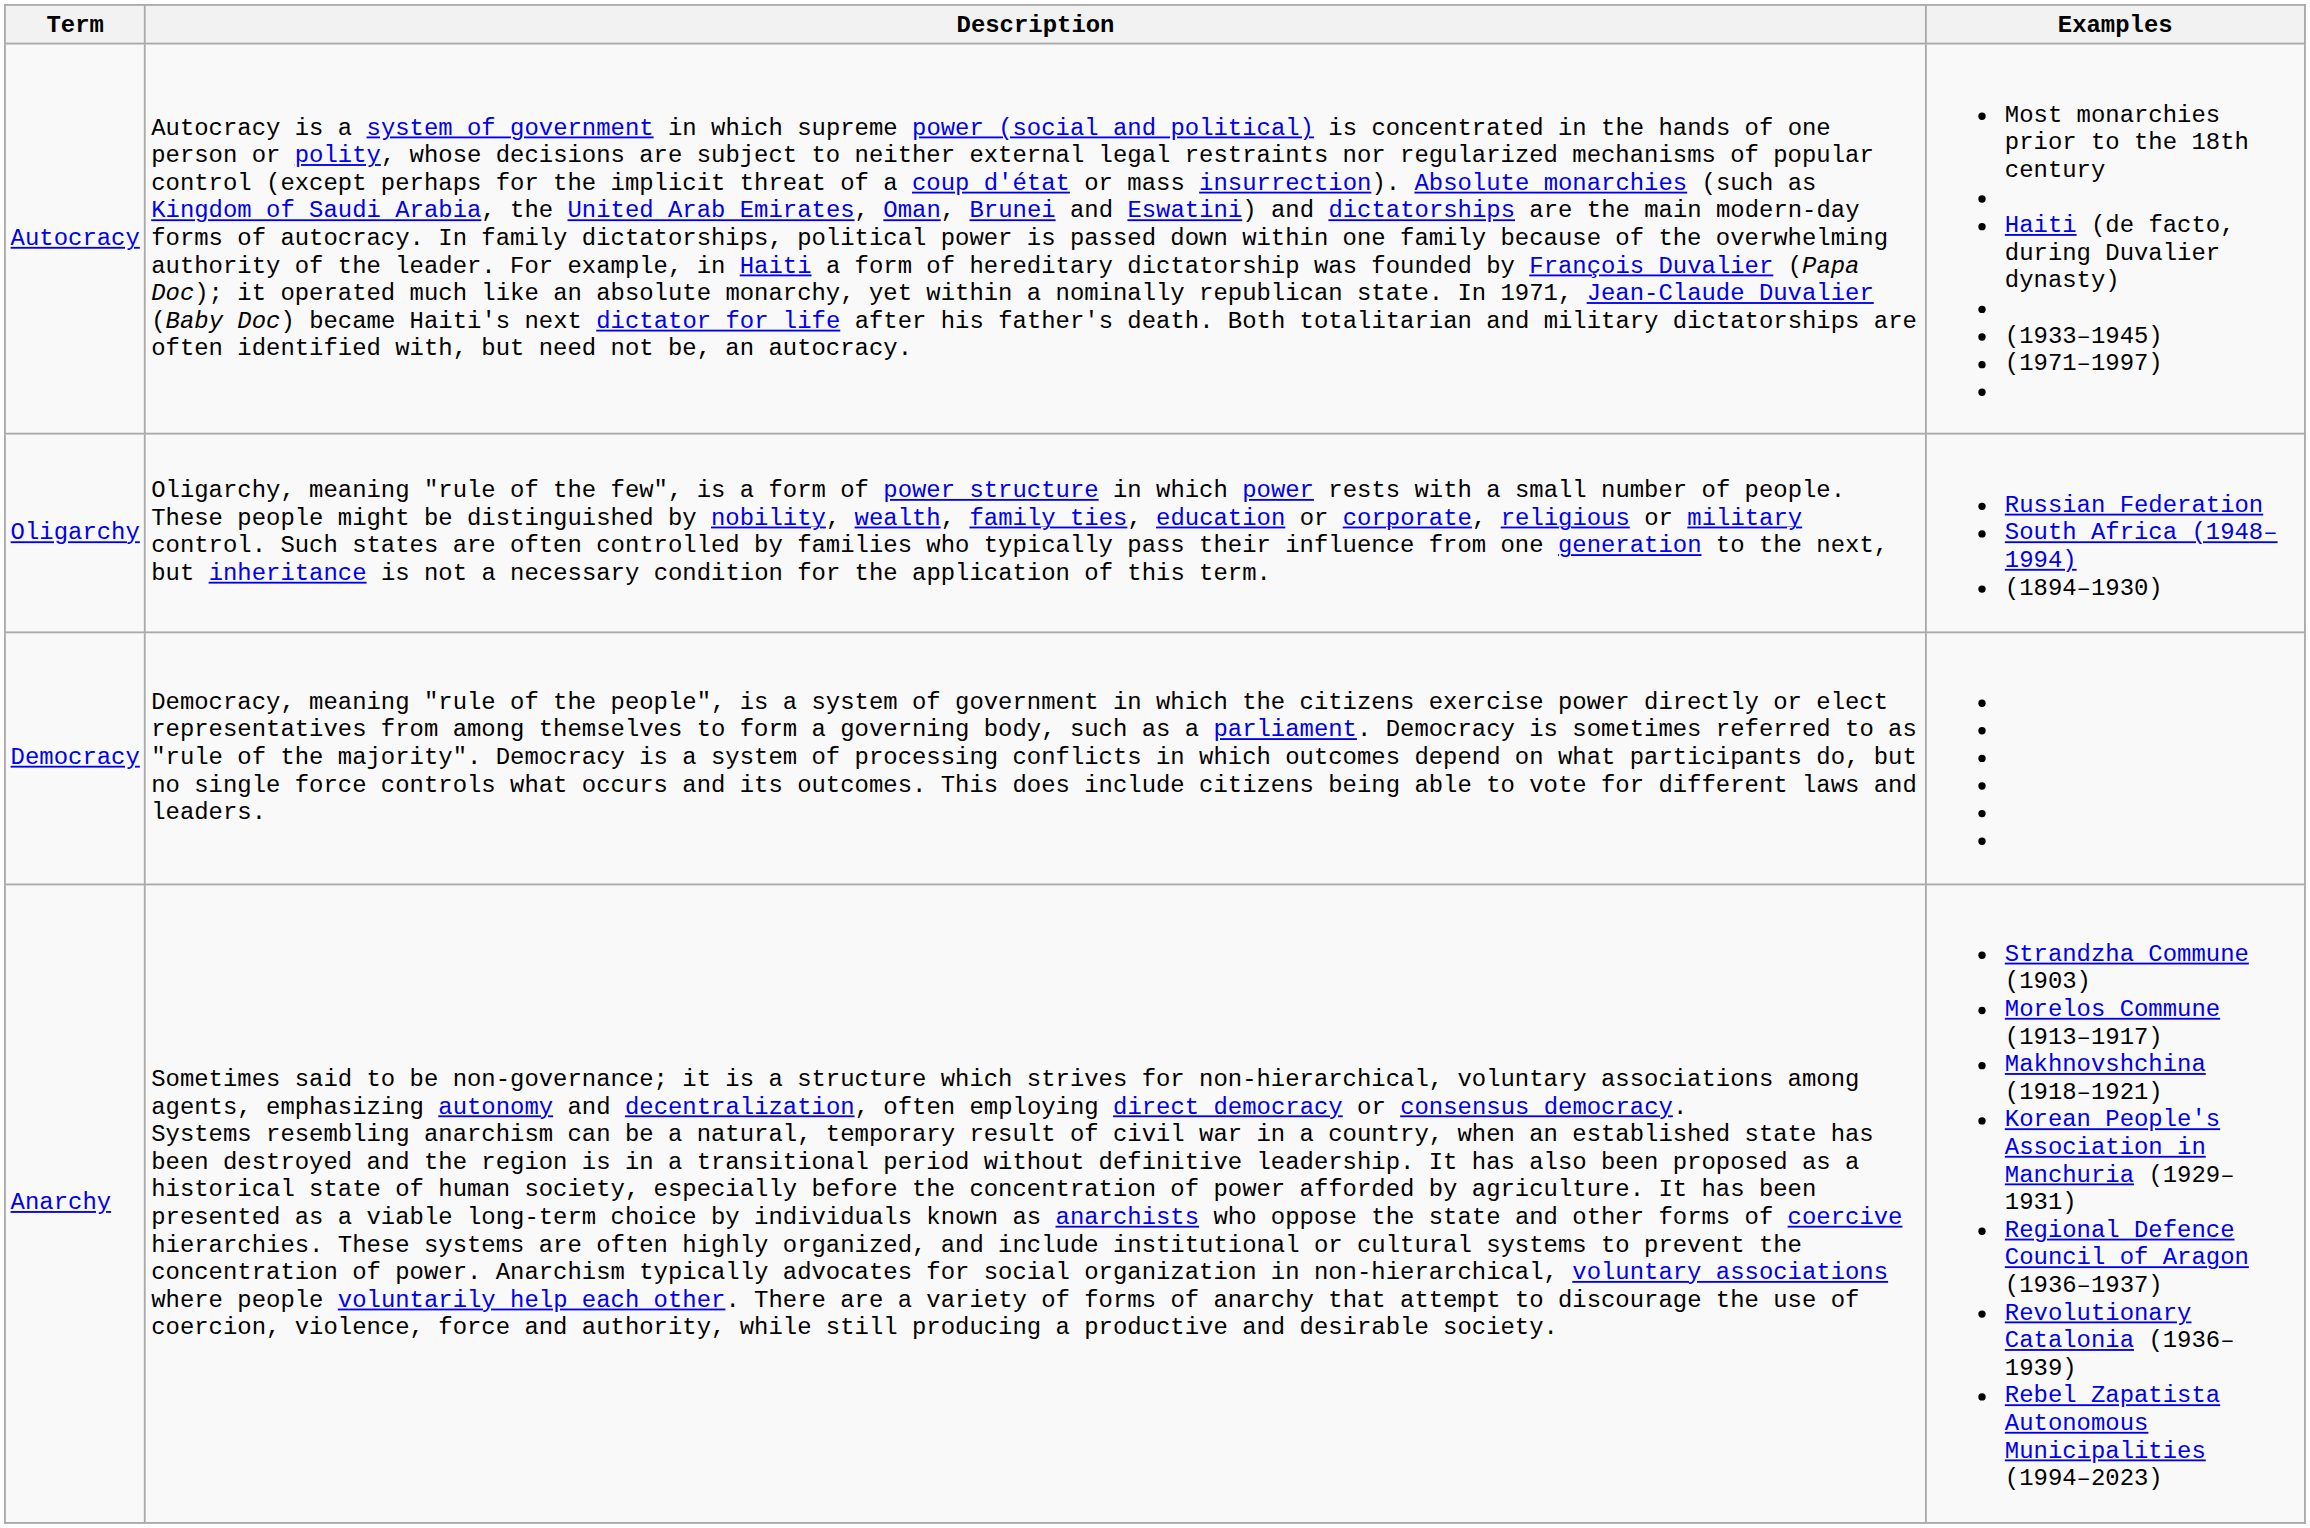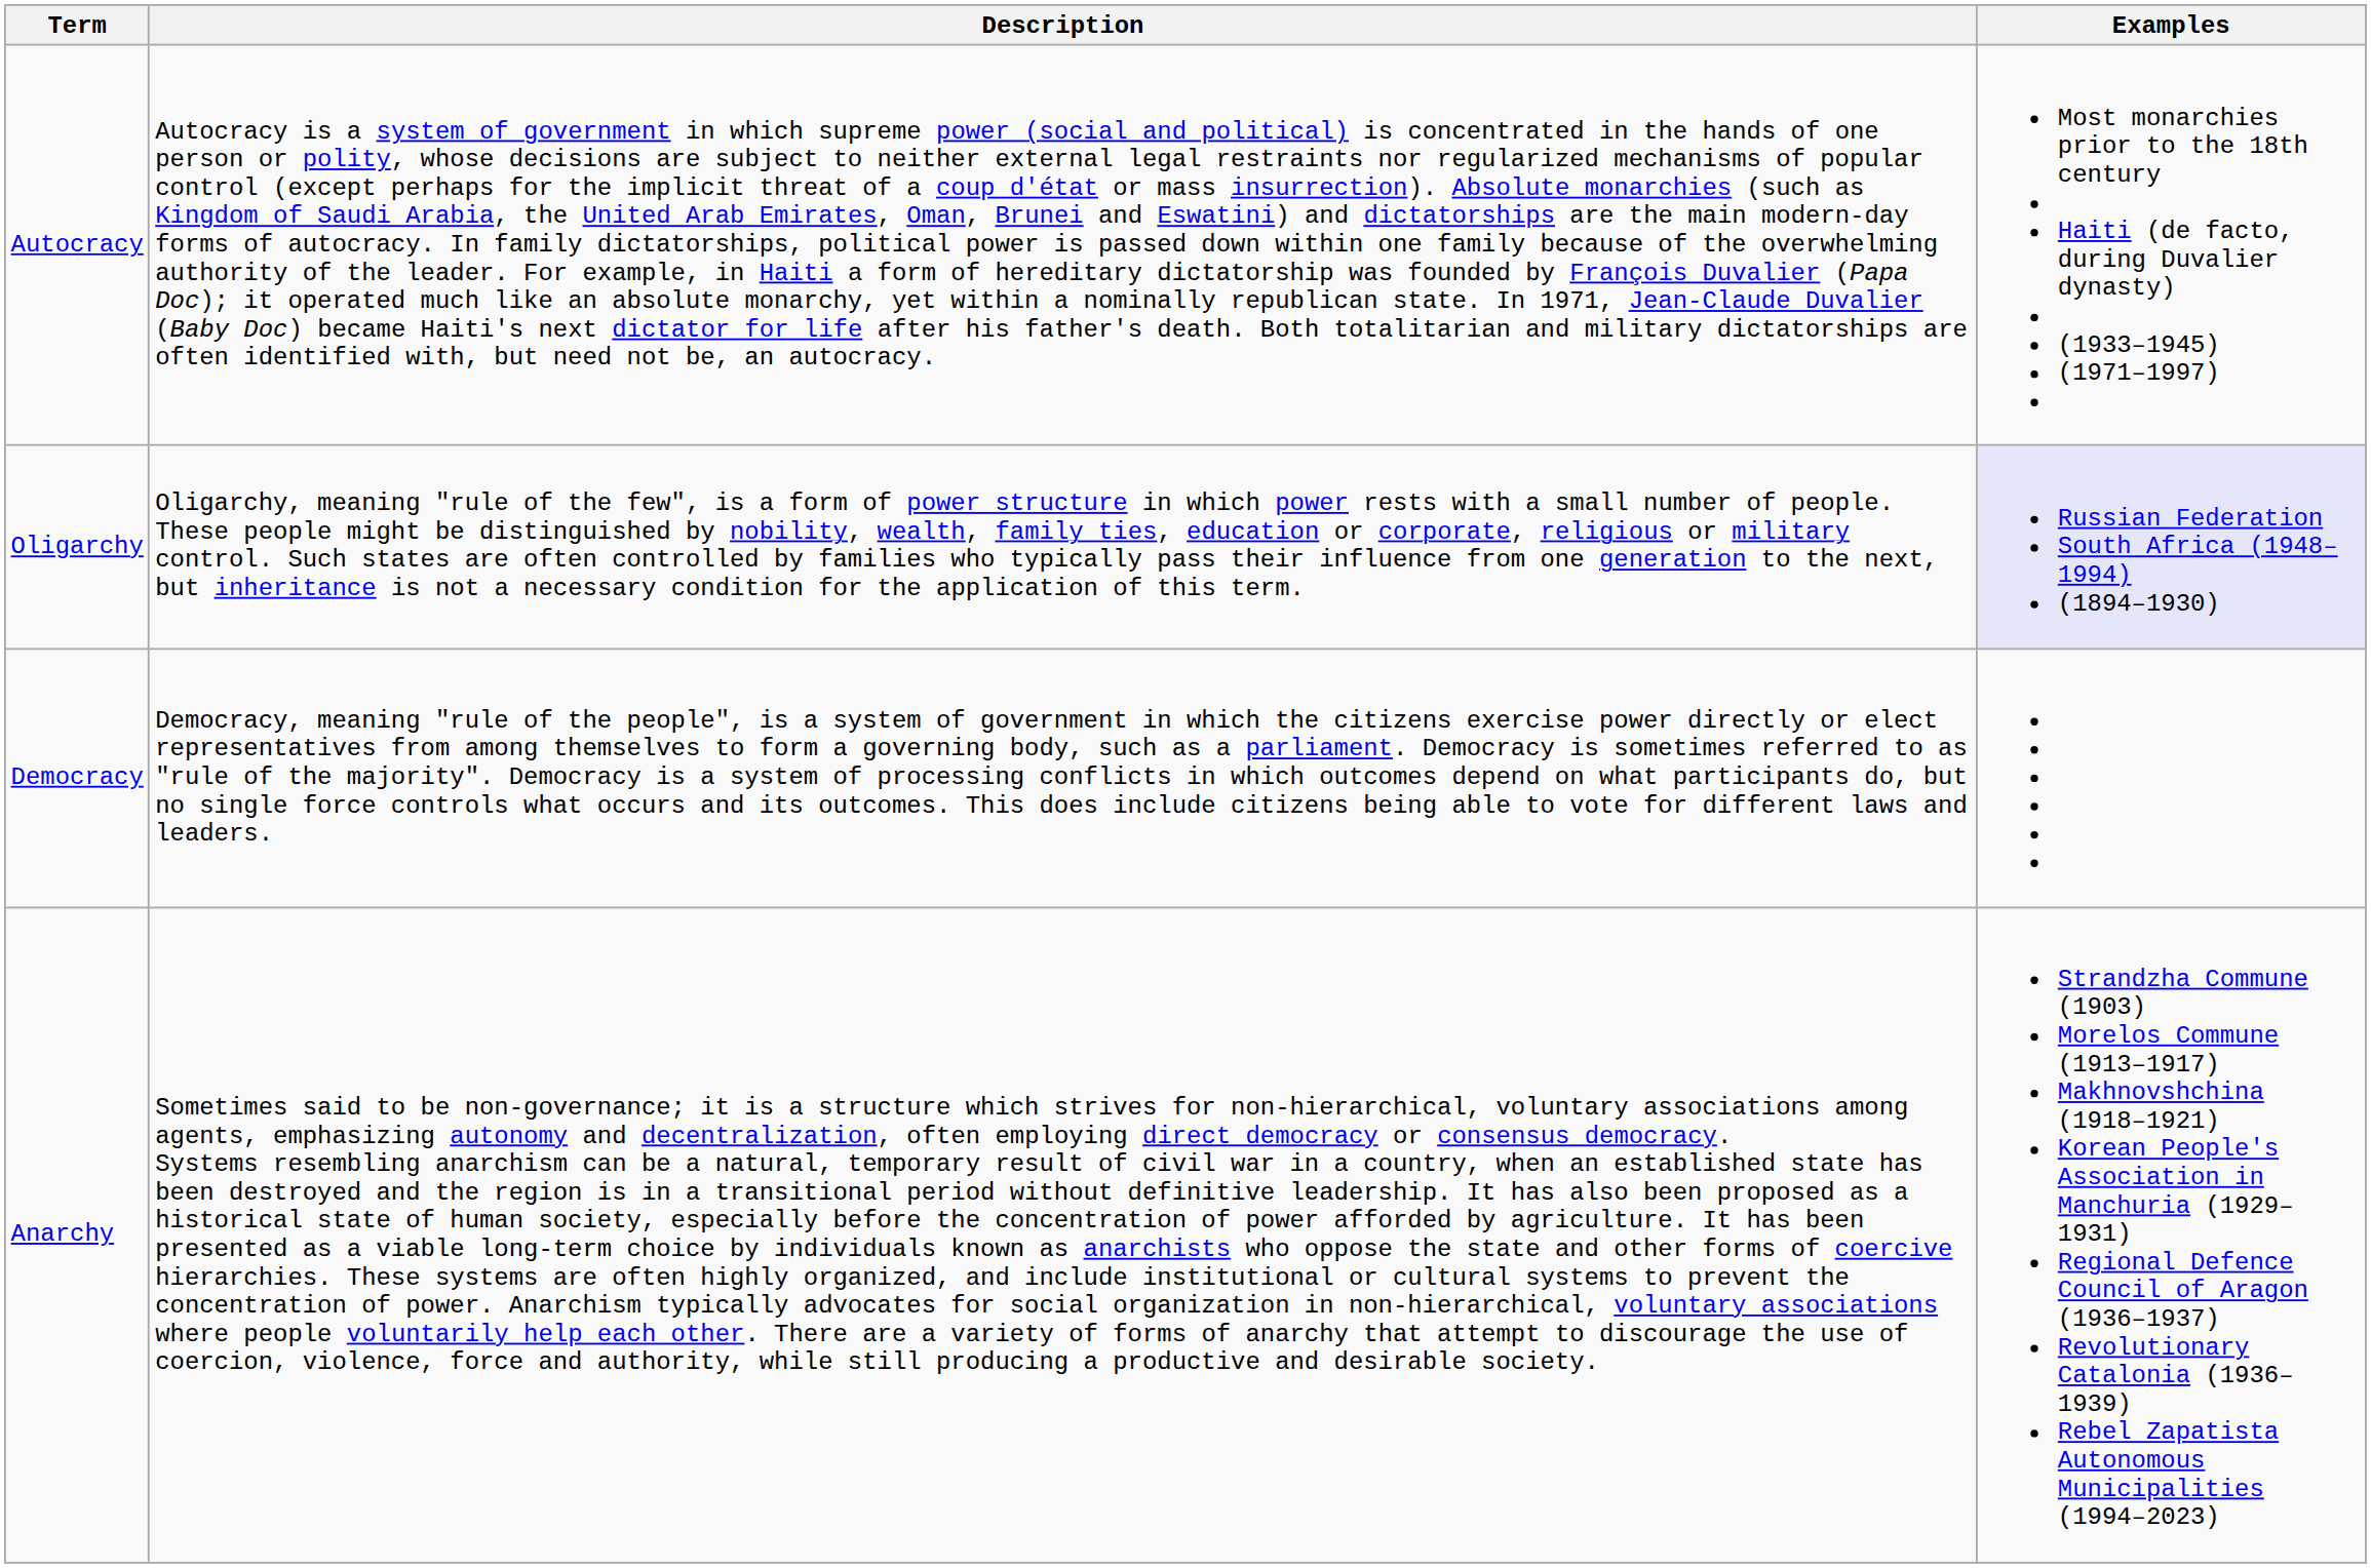 <table class="wikitable">
 <tr>
 <th>Term</th>
 <th>Description</th>
 <th width=200pt>Examples</th>
 </tr>
 <tr>
 <td><a href='#'>Autocracy</a></td>
 <td>Autocracy is a <a href='#'>system of government</a> in which supreme <a href='#'>power (social and political)</a> is concentrated in the hands of one person or <a href='#'>polity</a>, whose decisions are subject to neither external legal restraints nor regularized mechanisms of popular control (except perhaps for the implicit threat of a <a href='#'>coup d'état</a> or mass <a href='#'>insurrection</a>). <a href='#'>Absolute monarchies</a> (such as <a href='#'>Kingdom of Saudi Arabia</a>, the <a href='#'>United Arab Emirates</a>, <a href='#'>Oman</a>, <a href='#'>Brunei</a> and <a href='#'>Eswatini</a>) and <a href='#'>dictatorships</a> are the main modern-day forms of autocracy. In family dictatorships, political power is passed down within one family because of the overwhelming authority of the leader. For example, in <a href='#'>Haiti</a> a form of hereditary dictatorship was founded by <a href='#'>François Duvalier</a> (<em>Papa Doc</em>); it operated much like an absolute monarchy, yet within a nominally republican state. In 1971, <a href='#'>Jean-Claude Duvalier</a> (<em>Baby Doc</em>) became Haiti's next <a href='#'>dictator for life</a> after his father's death. Both totalitarian and military dictatorships are often identified with, but need not be, an autocracy.</td>
 <td><br><ul><li>Most monarchies prior to the 18th century</li><li></li><li> <a href='#'>Haiti</a> (de facto, during Duvalier dynasty)</li><li></li><li> (1933–1945)</li><li> (1971–1997)</li><li></li></ul></td>
 </tr>
 <tr>
 <td><a href='#'>Oligarchy</a></td>
 <td>Oligarchy, meaning "rule of the few", is a form of <a href='#'>power structure</a> in which <a href='#'>power</a> rests with a small number of people. These people might be distinguished by <a href='#'>nobility</a>, <a href='#'>wealth</a>, <a href='#'>family ties</a>, <a href='#'>education</a> or <a href='#'>corporate</a>, <a href='#'>religious</a> or <a href='#'>military</a> control. Such states are often controlled by families who typically pass their influence from one <a href='#'>generation</a> to the next, but <a href='#'>inheritance</a> is not a necessary condition for the application of this term.</td>
-<td><br><ul><li> <a href='#'>Russian Federation</a></li><li> <a href='#'>South Africa (1948–1994)</a></li><li> (1894–1930)</li></ul></td>
+<td style="background: lavender;"><br><ul><li> <a href='#'>Russian Federation</a></li><li> <a href='#'>South Africa (1948–1994)</a></li><li> (1894–1930)</li></ul></td>
 </tr>
 <tr>
 <td><a href='#'>Democracy</a></td>
 <td>Democracy, meaning "rule of the people", is a system of government in which the citizens exercise power directly or elect representatives from among themselves to form a governing body, such as a <a href='#'>parliament</a>. Democracy is sometimes referred to as "rule of the majority". Democracy is a system of processing conflicts in which outcomes depend on what participants do, but no single force controls what occurs and its outcomes. This does include citizens being able to vote for different laws and leaders.</td>
 <td><br><ul><li></li><li></li><li></li><li></li><li></li><li></li></ul></td>
 </tr>
 <tr>
 <td><a href='#'>Anarchy</a></td>
 <td>Sometimes said to be non-governance; it is a structure which strives for non-hierarchical, voluntary associations among agents, emphasizing <a href='#'>autonomy</a> and <a href='#'>decentralization</a>, often employing <a href='#'>direct democracy</a> or <a href='#'>consensus democracy</a>.<br>Systems resembling anarchism can be a natural, temporary result of civil war in a country, when an established state has been destroyed and the region is in a transitional period without definitive leadership. It has also been proposed as a historical state of human society, especially before the concentration of power afforded by agriculture. It has been presented as a viable long-term choice by individuals known as <a href='#'>anarchists</a> who oppose the state and other forms of <a href='#'>coercive</a> hierarchies. These systems are often highly organized, and include institutional or cultural systems to prevent the concentration of power. Anarchism typically advocates for social organization in non-hierarchical, <a href='#'>voluntary associations</a> where people <a href='#'>voluntarily help each other</a>. There are a variety of forms of anarchy that attempt to discourage the use of coercion, violence, force and authority, while still producing a productive and desirable society.</td>
 <td><br><ul><li> <a href='#'>Strandzha Commune</a> (1903)</li><li> <a href='#'>Morelos Commune</a> (1913–1917)</li><li> <a href='#'>Makhnovshchina</a> (1918–1921)</li><li> <a href='#'>Korean People's Association in Manchuria</a> (1929–1931)</li><li> <a href='#'>Regional Defence Council of Aragon</a> (1936–1937)</li><li> <a href='#'>Revolutionary Catalonia</a> (1936–1939)</li><li> <a href='#'>Rebel Zapatista Autonomous Municipalities</a> (1994–2023)</li></ul></td>
 </tr>
 </table>
